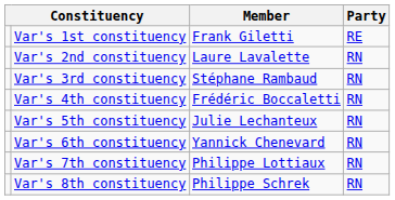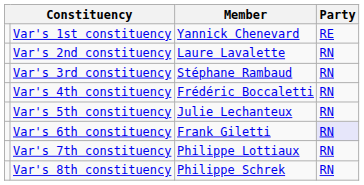 <table class="wikitable">
 <tr>
 <th colspan="2">Constituency</th>
 <th>Member</th>
 <th>Party</th>
 </tr>
 <tr>
 <td style="background-color: "></td>
 <td><a href='#'>Var's 1st constituency</a></td>
-<td><a href='#'>Frank Giletti</a></td>
+<td><a href='#'>Yannick Chenevard</a></td>
 <td><a href='#'>RE</a></td>
 </tr>
 <tr>
 <td style="background-color: "></td>
 <td><a href='#'>Var's 2nd constituency</a></td>
 <td><a href='#'>Laure Lavalette</a></td>
 <td><a href='#'>RN</a></td>
 </tr>
 <tr>
 <td style="background-color: "></td>
 <td><a href='#'>Var's 3rd constituency</a></td>
 <td><a href='#'>Stéphane Rambaud</a></td>
 <td><a href='#'>RN</a></td>
 </tr>
 <tr>
 <td style="background-color: "></td>
 <td><a href='#'>Var's 4th constituency</a></td>
 <td><a href='#'>Frédéric Boccaletti</a></td>
 <td><a href='#'>RN</a></td>
 </tr>
 <tr>
 <td style="background-color: "></td>
 <td><a href='#'>Var's 5th constituency</a></td>
 <td><a href='#'>Julie Lechanteux</a></td>
 <td><a href='#'>RN</a></td>
 </tr>
 <tr>
 <td style="background-color: "></td>
 <td><a href='#'>Var's 6th constituency</a></td>
-<td><a href='#'>Yannick Chenevard</a></td>
-<td><a href='#'>RN</a></td>
+<td><a href='#'>Frank Giletti</a></td>
+<td style="background: lavender;"><a href='#'>RN</a></td>
 </tr>
 <tr>
 <td style="background-color: "></td>
 <td><a href='#'>Var's 7th constituency</a></td>
 <td><a href='#'>Philippe Lottiaux</a></td>
 <td><a href='#'>RN</a></td>
 </tr>
 <tr>
 <td style="background-color: "></td>
 <td><a href='#'>Var's 8th constituency</a></td>
 <td><a href='#'>Philippe Schrek</a></td>
 <td><a href='#'>RN</a></td>
 </tr>
 </table>
